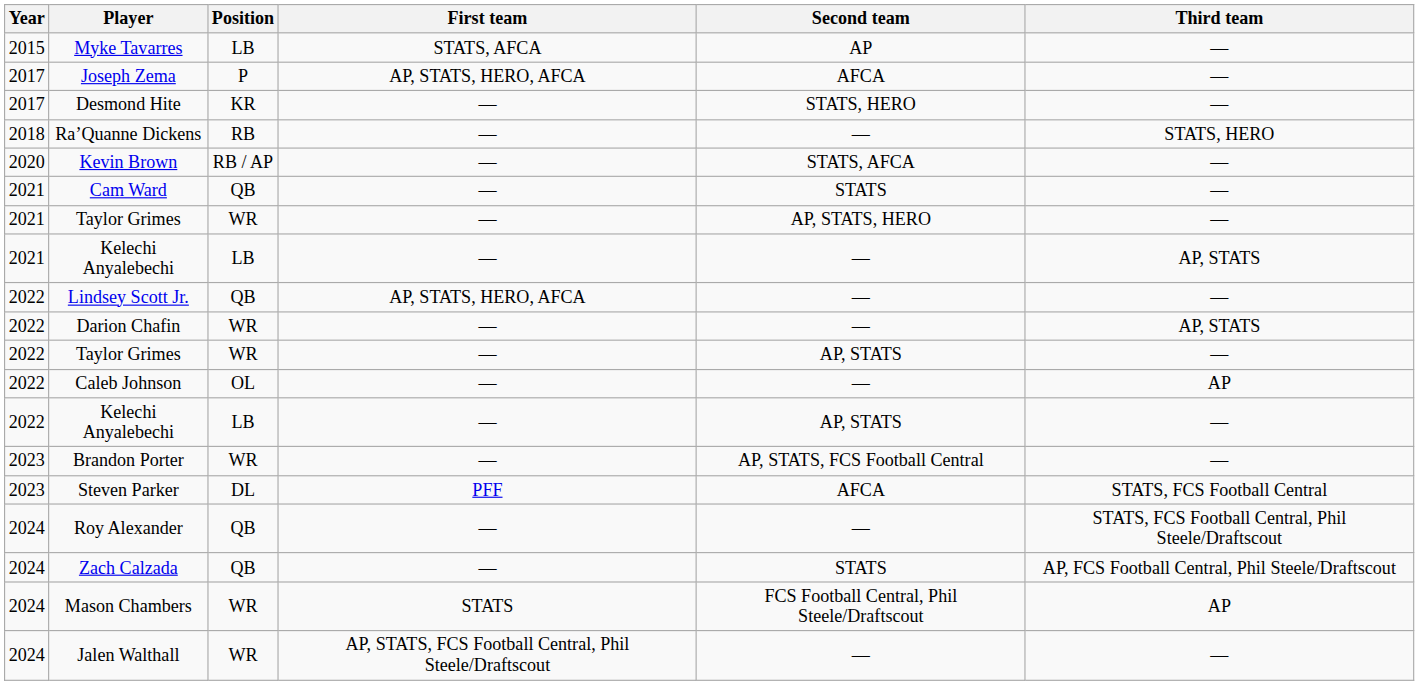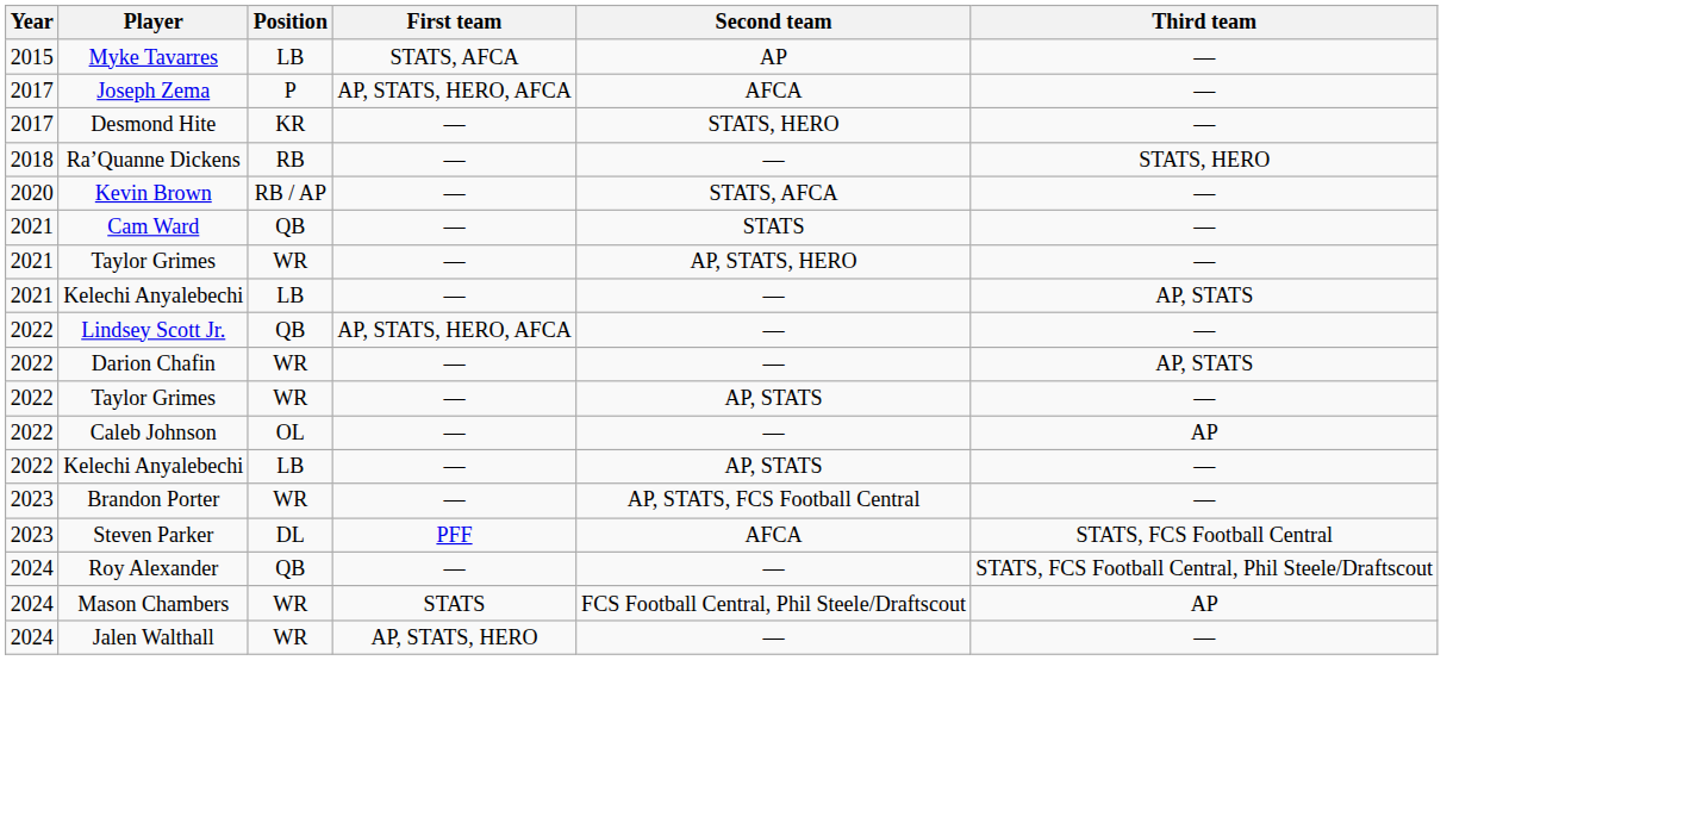 <table class="wikitable" style="text-align:center">
 <tr>
 <th>Year</th>
 <th>Player</th>
 <th>Position</th>
 <th>First team</th>
 <th>Second team</th>
 <th>Third team</th>
 </tr>
 <tr>
 <td>2015</td>
 <td><a href='#'>Myke Tavarres</a></td>
 <td>LB</td>
 <td align=center>STATS, AFCA</td>
 <td align=center>AP</td>
 <td align=center>—</td>
 </tr>
 <tr>
 <td>2017</td>
 <td><a href='#'>Joseph Zema</a></td>
 <td>P</td>
 <td align=center>AP, STATS, HERO, AFCA</td>
 <td align=center>AFCA</td>
 <td align=center>—</td>
 </tr>
 <tr>
 <td>2017</td>
 <td>Desmond Hite</td>
 <td>KR</td>
 <td align=center>—</td>
 <td align=center>STATS, HERO</td>
 <td align=center>—</td>
 </tr>
 <tr>
 <td>2018</td>
 <td>Ra’Quanne Dickens</td>
 <td>RB</td>
 <td align=center>—</td>
 <td align=center>—</td>
 <td align=center>STATS, HERO</td>
 </tr>
 <tr>
 <td>2020</td>
 <td><a href='#'>Kevin Brown</a></td>
 <td>RB / AP</td>
 <td align=center>—</td>
 <td align=center>STATS, AFCA</td>
 <td align=center>—</td>
 </tr>
 <tr>
 <td>2021</td>
 <td><a href='#'>Cam Ward</a></td>
 <td>QB</td>
 <td align=center>—</td>
 <td align=center>STATS</td>
 <td align=center>—</td>
 </tr>
 <tr>
 <td>2021</td>
 <td>Taylor Grimes</td>
 <td>WR</td>
 <td align=center>—</td>
 <td align=center>AP, STATS, HERO</td>
 <td align=center>—</td>
 </tr>
 <tr>
 <td>2021</td>
 <td>Kelechi Anyalebechi</td>
 <td>LB</td>
 <td align=center>—</td>
 <td align=center>—</td>
 <td align=center>AP, STATS</td>
 </tr>
 <tr>
 <td>2022</td>
 <td><a href='#'>Lindsey Scott Jr.</a></td>
 <td>QB</td>
 <td align=center>AP, STATS, HERO, AFCA</td>
 <td align=center>—</td>
 <td align=center>—</td>
 </tr>
 <tr>
 <td>2022</td>
 <td>Darion Chafin</td>
 <td>WR</td>
 <td align=center>—</td>
 <td align=center>—</td>
 <td align=center>AP, STATS</td>
 </tr>
 <tr>
 <td>2022</td>
 <td>Taylor Grimes</td>
 <td>WR</td>
 <td align=center>—</td>
 <td align=center>AP, STATS</td>
 <td align=center>—</td>
 </tr>
 <tr>
 <td>2022</td>
 <td>Caleb Johnson</td>
 <td>OL</td>
 <td align=center>—</td>
 <td align=center>—</td>
 <td align=center>AP</td>
 </tr>
 <tr>
 <td>2022</td>
 <td>Kelechi Anyalebechi</td>
 <td>LB</td>
 <td align=center>—</td>
 <td align=center>AP, STATS</td>
 <td align=center>—</td>
 </tr>
 <tr>
 <td>2023</td>
 <td>Brandon Porter</td>
 <td>WR</td>
 <td align=center>—</td>
 <td align=center>AP, STATS, FCS Football Central</td>
 <td align=center>—</td>
 </tr>
 <tr>
 <td>2023</td>
 <td>Steven Parker</td>
 <td>DL</td>
 <td align=center><a href='#'>PFF</a></td>
 <td align=center>AFCA</td>
 <td align=center>STATS, FCS Football Central</td>
 </tr>
 <tr>
 <td>2024</td>
 <td>Roy Alexander</td>
 <td>QB</td>
 <td align=center>—</td>
 <td align=center>—</td>
 <td align=center>STATS, FCS Football Central, Phil Steele/Draftscout</td>
 </tr>
 <tr>
 <td>2024</td>
-<td><a href='#'>Zach Calzada</a></td>
-<td>QB</td>
-<td align=center>—</td>
-<td align=center>STATS</td>
-<td align=center>AP, FCS Football Central, Phil Steele/Draftscout</td>
-</tr>
-<tr>
-<td>2024</td>
 <td>Mason Chambers</td>
 <td>WR</td>
 <td align=center>STATS</td>
 <td align=center>FCS Football Central, Phil Steele/Draftscout</td>
 <td align=center>AP</td>
 </tr>
 <tr>
 <td>2024</td>
 <td>Jalen Walthall</td>
 <td>WR</td>
-<td align=center>AP, STATS, FCS Football Central, Phil Steele/Draftscout</td>
+<td align=center>AP, STATS, HERO</td>
 <td align=center>—</td>
 <td align=center>—</td>
 </tr>
 </table>
